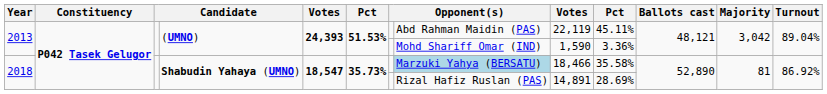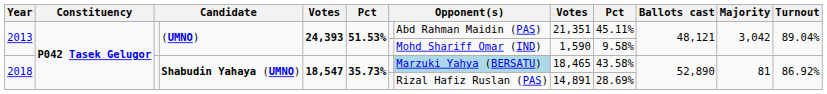 <table class="wikitable" style="margin:0.5em ; font-size:95%">
 <tr>
 <th>Year</th>
 <th>Constituency</th>
 <th colspan="2">Candidate</th>
 <th>Votes</th>
 <th>Pct</th>
 <th colspan=2>Opponent(s)</th>
 <th>Votes</th>
 <th>Pct</th>
 <th>Ballots cast</th>
 <th>Majority</th>
 <th>Turnout</th>
 </tr>
 <tr>
 <td rowspan=2><a href='#'>2013</a></td>
 <td rowspan="4"><strong>P042 <a href='#'>Tasek Gelugor</a></strong></td>
 <td rowspan=2 ></td>
 <td rowspan=2> (<a href='#'><strong>UMNO</strong></a>)</td>
 <td rowspan=2 align="right"><strong>24,393</strong></td>
 <td rowspan=2 align="right"><strong>51.53%</strong></td>
 <td></td>
 <td>Abd Rahman Maidin (<a href='#'>PAS</a>)</td>
-<td align="right">22,119</td>
+<td align="right">21,351</td>
 <td align="right">45.11%</td>
 <td rowspan=2 align="right">48,121</td>
 <td rowspan=2 align="right">3,042</td>
 <td rowspan=2 align="right">89.04%</td>
 </tr>
 <tr>
 <td></td>
 <td><a href='#'>Mohd Shariff Omar</a> (<a href='#'>IND</a>)</td>
 <td align="right">1,590</td>
-<td align="right">3.36%</td>
+<td align="right">9.58%</td>
 </tr>
 <tr>
 <td rowspan=2><a href='#'>2018</a></td>
 <td rowspan=2 ></td>
 <td rowspan=2><strong>Shabudin Yahaya</strong> (<a href='#'><strong>UMNO</strong></a>)</td>
 <td rowspan=2 align="right"><strong>18,547</strong></td>
 <td rowspan=2 align="right"><strong>35.73%</strong></td>
 <td></td>
 <td style="background: lightblue;"><a href='#'>Marzuki Yahya</a> (<a href='#'>BERSATU</a>)</td>
-<td align="right">18,466</td>
-<td align="right">35.58%</td>
+<td align="right">18,465</td>
+<td align="right">43.58%</td>
 <td rowspan=2 align="right">52,890</td>
 <td rowspan=2 align="right">81</td>
 <td rowspan=2 align="right">86.92%</td>
 </tr>
 <tr>
 <td></td>
 <td>Rizal Hafiz Ruslan (<a href='#'>PAS</a>)</td>
 <td align="right">14,891</td>
 <td align="right">28.69%</td>
 </tr>
 </table>
